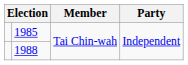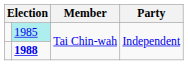 <table class="wikitable">
 <tr>
 <th colspan="2">Election</th>
 <th>Member</th>
 <th>Party</th>
 </tr>
 <tr>
 <td bgcolor=></td>
-<td><a href='#'>1985</a></td>
+<td style="background: paleturquoise;"><a href='#'>1985</a></td>
 <td rowspan="2"><a href='#'>Tai Chin-wah</a></td>
 <td rowspan="2"><a href='#'>Independent</a></td>
 </tr>
 <tr>
 <td bgcolor=></td>
-<td><a href='#'>1988</a></td>
+<td><strong><a href='#'>1988</a></strong></td>
 </tr>
 </table>
